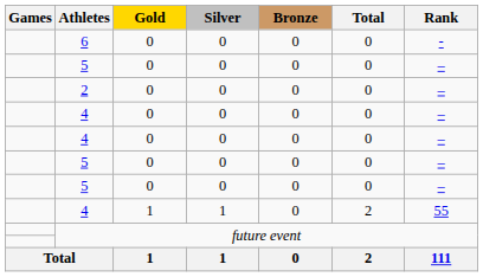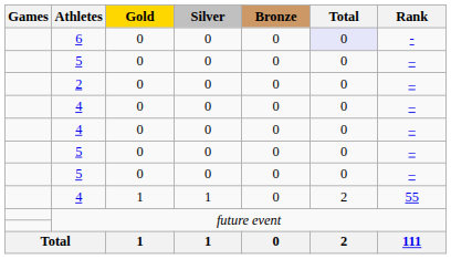 <table class="wikitable" style="text-align:center; font-size:90%;">
 <tr>
 <th>Games</th>
 <th>Athletes</th>
 <td style="background:gold; width:4.5em; font-weight:bold;">Gold</td>
 <td style="background:silver; width:4.5em; font-weight:bold;">Silver</td>
 <td style="background:#cc9966; width:4.5em; font-weight:bold;">Bronze</td>
 <th style="width:4.5em; font-weight:bold;">Total</th>
 <th style="width:4.5em; font-weight:bold;">Rank</th>
 </tr>
 <tr>
 <td align=left></td>
 <td><a href='#'>6</a></td>
 <td>0</td>
 <td>0</td>
 <td>0</td>
-<td>0</td>
+<td style="background: lavender;">0</td>
 <td><a href='#'>-</a></td>
 </tr>
 <tr>
 <td align=left></td>
 <td><a href='#'>5</a></td>
 <td>0</td>
 <td>0</td>
 <td>0</td>
 <td>0</td>
 <td><a href='#'>–</a></td>
 </tr>
 <tr>
 <td align=left></td>
 <td><a href='#'>2</a></td>
 <td>0</td>
 <td>0</td>
 <td>0</td>
 <td>0</td>
 <td><a href='#'>–</a></td>
 </tr>
 <tr>
 <td align=left></td>
 <td><a href='#'>4</a></td>
 <td>0</td>
 <td>0</td>
 <td>0</td>
 <td>0</td>
 <td><a href='#'>–</a></td>
 </tr>
 <tr>
 <td align=left></td>
 <td><a href='#'>4</a></td>
 <td>0</td>
 <td>0</td>
 <td>0</td>
 <td>0</td>
 <td><a href='#'>–</a></td>
 </tr>
 <tr>
 <td align=left></td>
 <td><a href='#'>5</a></td>
 <td>0</td>
 <td>0</td>
 <td>0</td>
 <td>0</td>
 <td><a href='#'>–</a></td>
 </tr>
 <tr>
 <td align=left></td>
 <td><a href='#'>5</a></td>
 <td>0</td>
 <td>0</td>
 <td>0</td>
 <td>0</td>
 <td><a href='#'>–</a></td>
 </tr>
 <tr>
 <td align=left></td>
 <td><a href='#'>4</a></td>
 <td>1</td>
 <td>1</td>
 <td>0</td>
 <td>2</td>
 <td><a href='#'>55</a></td>
 </tr>
 <tr>
 <td align=left></td>
 <td colspan="6" rowspan="2"><em>future event</em></td>
 </tr>
 <tr>
 <td align=left></td>
 </tr>
 <tr>
 <th colspan=2>Total</th>
 <th>1</th>
 <th>1</th>
 <th>0</th>
 <th>2</th>
 <th><a href='#'>111</a></th>
 </tr>
 </table>
